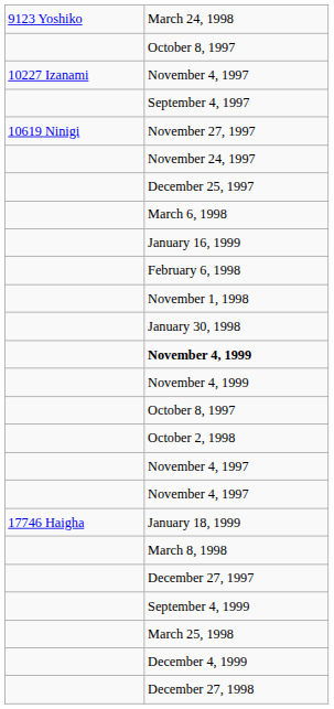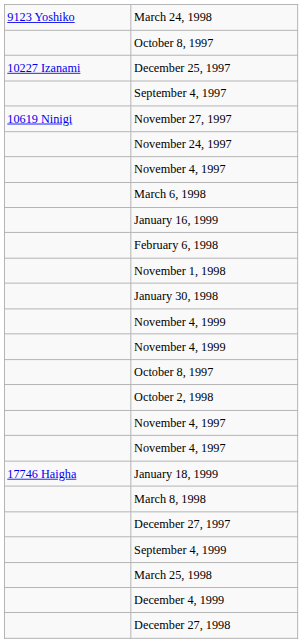 <table class="wikitable" style="font-size: 89%; float: left; width: 24em; margin-right: 1em; line-height: 1.6em !important; height: 625px;">
 <tr>
 <td><a href='#'>9123 Yoshiko</a></td>
 <td>March 24, 1998</td>
 </tr>
 <tr>
 <td></td>
 <td>October 8, 1997</td>
 </tr>
 <tr>
 <td><a href='#'>10227 Izanami</a></td>
-<td>November 4, 1997</td>
+<td>December 25, 1997</td>
 </tr>
 <tr>
 <td></td>
 <td>September 4, 1997</td>
 </tr>
 <tr>
 <td><a href='#'>10619 Ninigi</a></td>
 <td>November 27, 1997</td>
 </tr>
 <tr>
 <td></td>
 <td>November 24, 1997</td>
 </tr>
 <tr>
 <td></td>
-<td>December 25, 1997</td>
+<td>November 4, 1997</td>
 </tr>
 <tr>
 <td></td>
 <td>March 6, 1998</td>
 </tr>
 <tr>
 <td></td>
 <td>January 16, 1999</td>
 </tr>
 <tr>
 <td></td>
 <td>February 6, 1998</td>
 </tr>
 <tr>
 <td></td>
 <td>November 1, 1998</td>
 </tr>
 <tr>
 <td></td>
 <td>January 30, 1998</td>
 </tr>
 <tr>
 <td></td>
-<td><strong>November 4, 1999</strong></td>
+<td>November 4, 1999</td>
 </tr>
 <tr>
 <td></td>
 <td>November 4, 1999</td>
 </tr>
 <tr>
 <td></td>
 <td>October 8, 1997</td>
 </tr>
 <tr>
 <td></td>
 <td>October 2, 1998</td>
 </tr>
 <tr>
 <td></td>
 <td>November 4, 1997</td>
 </tr>
 <tr>
 <td></td>
 <td>November 4, 1997</td>
 </tr>
 <tr>
 <td><a href='#'>17746 Haigha</a></td>
 <td>January 18, 1999</td>
 </tr>
 <tr>
 <td></td>
 <td>March 8, 1998</td>
 </tr>
 <tr>
 <td></td>
 <td>December 27, 1997</td>
 </tr>
 <tr>
 <td></td>
 <td>September 4, 1999</td>
 </tr>
 <tr>
 <td></td>
 <td>March 25, 1998</td>
 </tr>
 <tr>
 <td></td>
 <td>December 4, 1999</td>
 </tr>
 <tr>
 <td></td>
 <td>December 27, 1998</td>
 </tr>
 </table>
